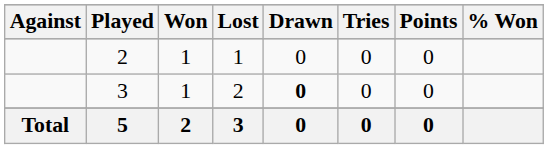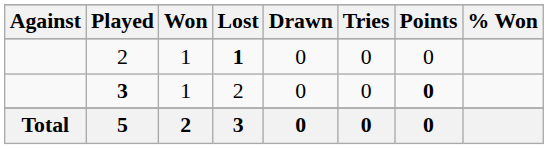 <table class="sortable wikitable" style="text-align: center;">
 <tr>
 </tr>
 <tr>
 <th>Against</th>
 <th>Played</th>
 <th>Won</th>
 <th>Lost</th>
 <th>Drawn</th>
 <th>Tries</th>
 <th>Points</th>
 <th>% Won</th>
 </tr>
 <tr bgcolor="#d0ffd0" align="center">
 </tr>
 <tr>
 <td align="left"></td>
 <td>2</td>
 <td>1</td>
-<td>1</td>
+<td><strong>1</strong></td>
 <td>0</td>
 <td>0</td>
 <td>0</td>
 <td></td>
 </tr>
 <tr>
 <td align="left"></td>
-<td>3</td>
+<td><strong>3</strong></td>
 <td>1</td>
 <td>2</td>
-<td><strong>0</strong></td>
 <td>0</td>
 <td>0</td>
+<td><strong>0</strong></td>
 <td></td>
 </tr>
 <tr>
 </tr>
 <tr class="sortbottom">
 <th>Total</th>
 <th>5</th>
 <th>2</th>
 <th>3</th>
 <th>0</th>
 <th>0</th>
 <th>0</th>
 <th></th>
 </tr>
 </table>
